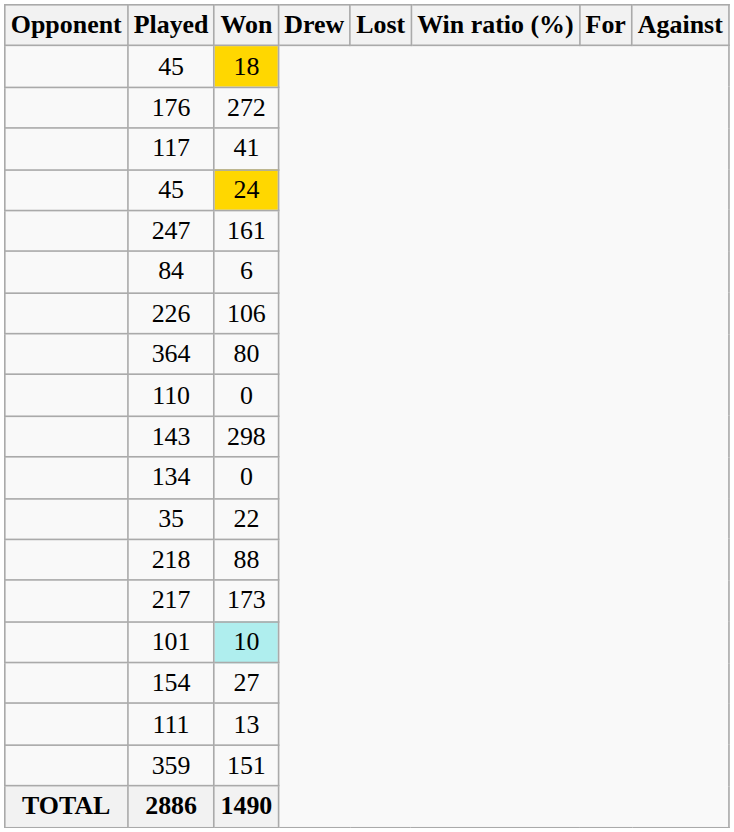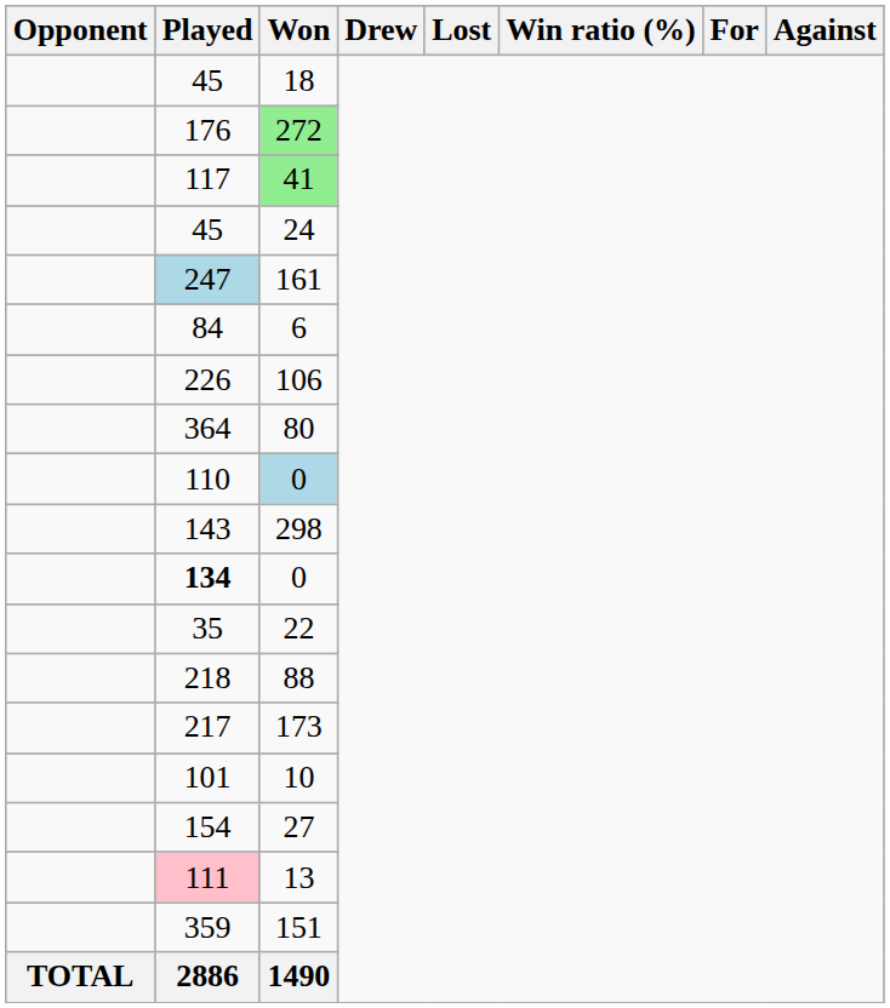 <table class="wikitable sortable">
 <tr>
 <th>Opponent</th>
 <th>Played</th>
 <th>Won</th>
 <th>Drew</th>
 <th>Lost</th>
 <th>Win ratio (%)</th>
 <th>For</th>
 <th>Against</th>
 </tr>
 <tr align=center>
 <td align=left><br></td>
 <td>45</td>
-<td style="background: gold;">18</td>
+<td>18</td>
 </tr>
 <tr align=center>
 <td align=left><br></td>
 <td>176</td>
-<td>272</td>
+<td style="background: lightgreen;">272</td>
 </tr>
 <tr align=center>
 <td align=left><br></td>
 <td>117</td>
-<td>41</td>
+<td style="background: lightgreen;">41</td>
 </tr>
 <tr align=center>
 <td align=left><br></td>
 <td>45</td>
-<td style="background: gold;">24</td>
+<td>24</td>
 </tr>
 <tr align=center>
 <td align=left><br></td>
-<td>247</td>
+<td style="background: lightblue;">247</td>
 <td>161</td>
 </tr>
 <tr align=center>
 <td align=left><br></td>
 <td>84</td>
 <td>6</td>
 </tr>
 <tr align=center>
 <td align=left><br></td>
 <td>226</td>
 <td>106</td>
 </tr>
 <tr align=center>
 <td align=left><br></td>
 <td>364</td>
 <td>80</td>
 </tr>
 <tr align=center>
 <td align=left><br></td>
 <td>110</td>
-<td>0</td>
+<td style="background: lightblue;">0</td>
 </tr>
 <tr align=center>
 <td align=left><br></td>
 <td>143</td>
 <td>298</td>
 </tr>
 <tr align=center>
 <td align=left><br></td>
-<td>134</td>
+<td><strong>134</strong></td>
 <td>0</td>
 </tr>
 <tr align=center>
 <td align=left><br></td>
 <td>35</td>
 <td>22</td>
 </tr>
 <tr align=center>
 <td align=left><br></td>
 <td>218</td>
 <td>88</td>
 </tr>
 <tr align=center>
 <td align=left><br></td>
 <td>217</td>
 <td>173</td>
 </tr>
 <tr align=center>
 <td align=left><br></td>
 <td>101</td>
-<td style="background: paleturquoise;">10</td>
+<td>10</td>
 </tr>
 <tr align=center>
 <td align=left><br></td>
 <td>154</td>
 <td>27</td>
 </tr>
 <tr align=center>
 <td align=left><br></td>
-<td>111</td>
+<td style="background: pink;">111</td>
 <td>13</td>
 </tr>
 <tr align=center>
 <td align=left><br></td>
 <td>359</td>
 <td>151</td>
 </tr>
 <tr align=center>
 <th>TOTAL<br></th>
 <th>2886</th>
 <th>1490</th>
 </tr>
 </table>
